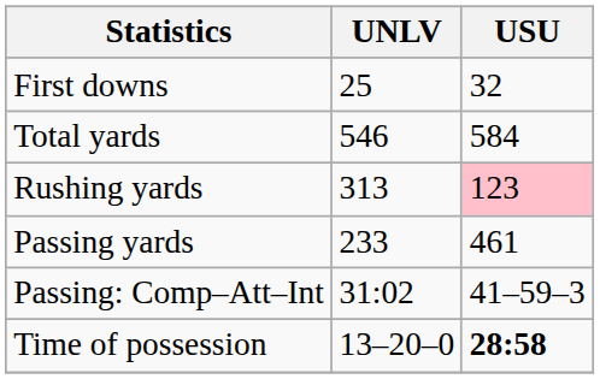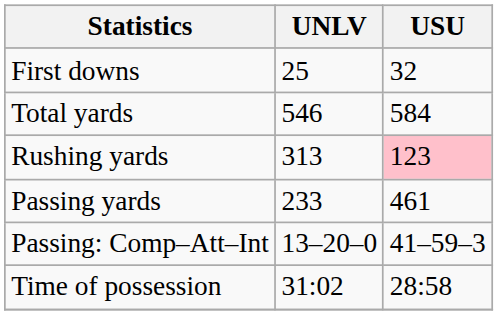 <table class="wikitable" style="float: left;">
 <tr>
 <th>Statistics</th>
 <th>UNLV</th>
 <th>USU</th>
 </tr>
 <tr>
 <td>First downs</td>
 <td>25</td>
 <td>32</td>
 </tr>
 <tr>
 <td>Total yards</td>
 <td>546</td>
 <td>584</td>
 </tr>
 <tr>
 <td>Rushing yards</td>
 <td>313</td>
 <td style="background: pink;">123</td>
 </tr>
 <tr>
 <td>Passing yards</td>
 <td>233</td>
 <td>461</td>
 </tr>
 <tr>
 <td>Passing: Comp–Att–Int</td>
-<td>31:02</td>
+<td>13–20–0</td>
 <td>41–59–3</td>
 </tr>
 <tr>
 <td>Time of possession</td>
-<td>13–20–0</td>
-<td><strong>28:58</strong></td>
+<td>31:02</td>
+<td>28:58</td>
 </tr>
 <tr>
 </tr>
 </table>
